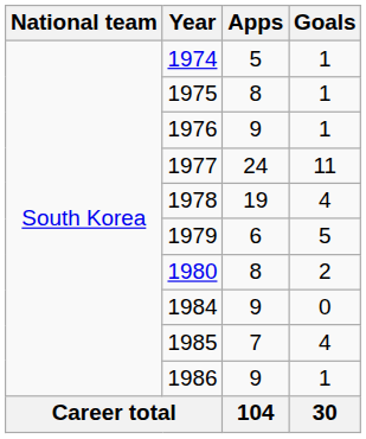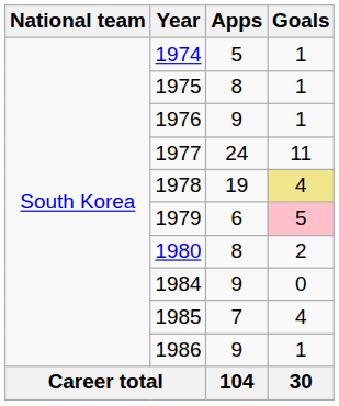 <table class="wikitable" style="text-align:center">
 <tr>
 <th>National team</th>
 <th>Year</th>
 <th>Apps</th>
 <th>Goals</th>
 </tr>
 <tr>
 <td rowspan="10"><a href='#'>South Korea</a></td>
 <td><a href='#'>1974</a></td>
 <td>5</td>
 <td>1</td>
 </tr>
 <tr>
 <td>1975</td>
 <td>8</td>
 <td>1</td>
 </tr>
 <tr>
 <td>1976</td>
 <td>9</td>
 <td>1</td>
 </tr>
 <tr>
 <td>1977</td>
 <td>24</td>
 <td>11</td>
 </tr>
 <tr>
 <td>1978</td>
 <td>19</td>
-<td>4</td>
+<td style="background: khaki;">4</td>
 </tr>
 <tr>
 <td>1979</td>
 <td>6</td>
-<td>5</td>
+<td style="background: pink;">5</td>
 </tr>
 <tr>
 <td><a href='#'>1980</a></td>
 <td>8</td>
 <td>2</td>
 </tr>
 <tr>
 <td>1984</td>
 <td>9</td>
 <td>0</td>
 </tr>
 <tr>
 <td>1985</td>
 <td>7</td>
 <td>4</td>
 </tr>
 <tr>
 <td>1986</td>
 <td>9</td>
 <td>1</td>
 </tr>
 <tr>
 <th colspan="2">Career total</th>
 <th>104</th>
 <th>30</th>
 </tr>
 </table>
